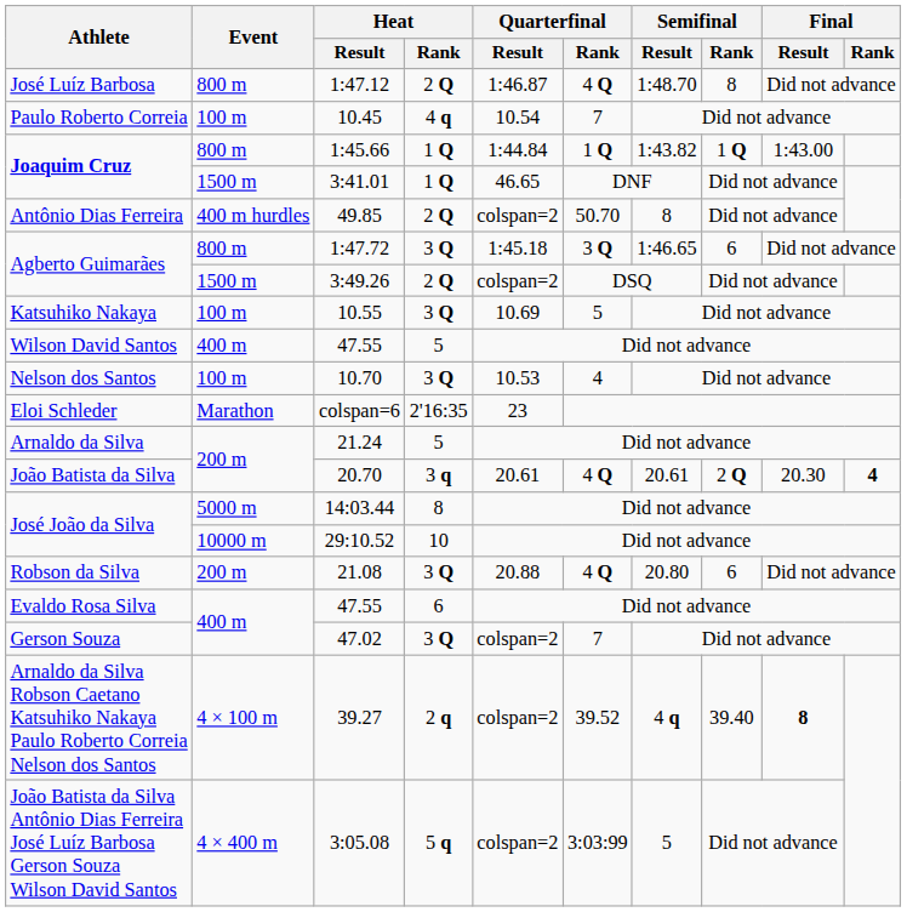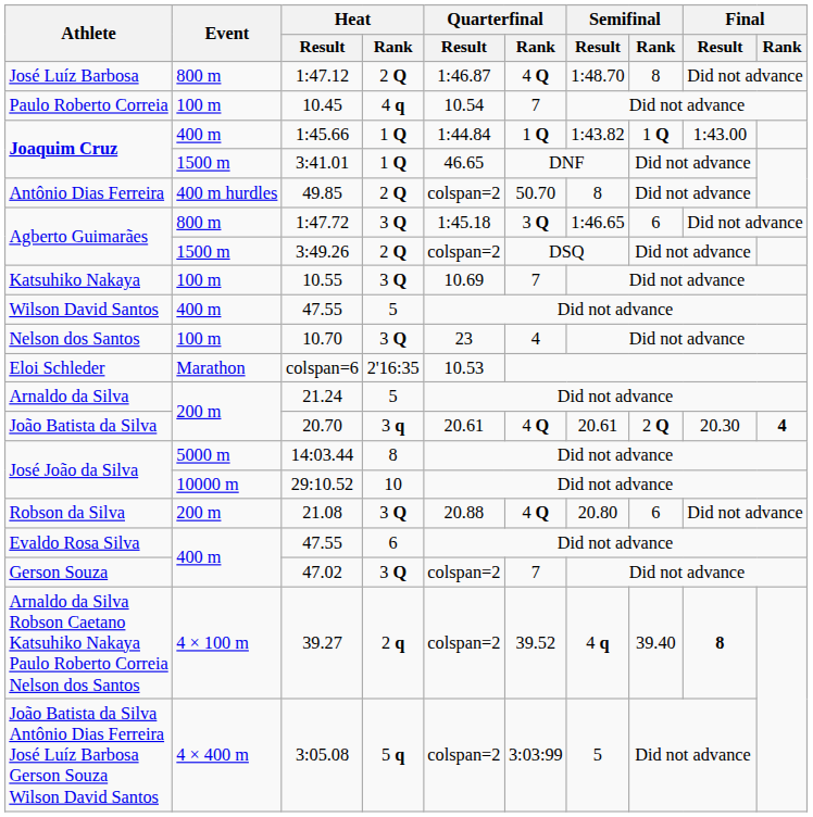 <table class="wikitable" style="font-size:90%">
 <tr>
 <th rowspan="2">Athlete</th>
 <th rowspan="2">Event</th>
 <th colspan="2">Heat</th>
 <th colspan="2">Quarterfinal</th>
 <th colspan="2">Semifinal</th>
 <th colspan="2">Final</th>
 </tr>
 <tr style="font-size:95%">
 <th>Result</th>
 <th>Rank</th>
 <th>Result</th>
 <th>Rank</th>
 <th>Result</th>
 <th>Rank</th>
 <th>Result</th>
 <th>Rank</th>
 </tr>
 <tr align=center>
 <td align=left rowspan="1"><a href='#'>José Luíz Barbosa</a></td>
 <td align=left><a href='#'>800 m</a></td>
 <td>1:47.12</td>
 <td>2 <strong>Q</strong></td>
 <td>1:46.87</td>
 <td>4 <strong>Q</strong></td>
 <td>1:48.70</td>
 <td>8</td>
 <td colspan=2>Did not advance</td>
 </tr>
 <tr align=center>
 <td align=left rowspan="1"><a href='#'>Paulo Roberto Correia</a></td>
 <td align=left><a href='#'>100 m</a></td>
 <td>10.45</td>
 <td>4 <strong>q</strong></td>
 <td>10.54</td>
 <td>7</td>
 <td colspan=4>Did not advance</td>
 </tr>
 <tr align=center>
 <td align=left rowspan="2"><strong><a href='#'>Joaquim Cruz</a></strong></td>
-<td align=left><a href='#'>800 m</a></td>
+<td align=left><a href='#'>400 m</a></td>
 <td>1:45.66</td>
 <td>1 <strong>Q</strong></td>
 <td>1:44.84</td>
 <td>1 <strong>Q</strong></td>
 <td>1:43.82</td>
 <td>1 <strong>Q</strong></td>
 <td>1:43.00</td>
 <td></td>
 </tr>
 <tr align=center>
 <td align=left><a href='#'>1500 m</a></td>
 <td>3:41.01</td>
 <td>1 <strong>Q</strong></td>
 <td>46.65</td>
 <td colspan=2>DNF</td>
 <td colspan=2>Did not advance</td>
 </tr>
 <tr align=center>
 <td align=left rowspan="1"><a href='#'>Antônio Dias Ferreira</a></td>
 <td align=left><a href='#'>400 m hurdles</a></td>
 <td>49.85</td>
 <td>2 <strong>Q</strong></td>
 <td>colspan=2 </td>
 <td>50.70</td>
 <td>8</td>
 <td colspan=2>Did not advance</td>
 </tr>
 <tr align=center>
 <td align=left rowspan="2"><a href='#'>Agberto Guimarães</a></td>
 <td align=left><a href='#'>800 m</a></td>
 <td>1:47.72</td>
 <td>3 <strong>Q</strong></td>
 <td>1:45.18</td>
 <td>3 <strong>Q</strong></td>
 <td>1:46.65</td>
 <td>6</td>
 <td colspan=2>Did not advance</td>
 </tr>
 <tr align=center>
 <td align=left><a href='#'>1500 m</a></td>
 <td>3:49.26</td>
 <td>2 <strong>Q</strong></td>
 <td>colspan=2 </td>
 <td colspan=2>DSQ</td>
 <td colspan=2>Did not advance</td>
 </tr>
 <tr align=center>
 <td align=left rowspan="1"><a href='#'>Katsuhiko Nakaya</a></td>
 <td align=left><a href='#'>100 m</a></td>
 <td>10.55</td>
 <td>3 <strong>Q</strong></td>
 <td>10.69</td>
-<td>5</td>
+<td>7</td>
 <td colspan=4>Did not advance</td>
 </tr>
 <tr align=center>
 <td align=left rowspan="1"><a href='#'>Wilson David Santos</a></td>
 <td align=left><a href='#'>400 m</a></td>
 <td>47.55</td>
 <td>5</td>
 <td colspan=6>Did not advance</td>
 </tr>
 <tr align=center>
 <td align=left rowspan="1"><a href='#'>Nelson dos Santos</a></td>
 <td align=left><a href='#'>100 m</a></td>
 <td>10.70</td>
 <td>3 <strong>Q</strong></td>
-<td>10.53</td>
+<td>23</td>
 <td>4</td>
 <td colspan=4>Did not advance</td>
 </tr>
 <tr align=center>
 <td align=left rowspan="1"><a href='#'>Eloi Schleder</a></td>
 <td align=left><a href='#'>Marathon</a></td>
 <td>colspan=6 </td>
 <td>2'16:35</td>
-<td>23</td>
+<td>10.53</td>
 </tr>
 <tr align=center>
 <td align=left rowspan="1"><a href='#'>Arnaldo da Silva</a></td>
 <td align=left rowspan="2"><a href='#'>200 m</a></td>
 <td>21.24</td>
 <td>5</td>
 <td colspan=6>Did not advance</td>
 </tr>
 <tr align=center>
 <td align=left rowspan="1"><a href='#'>João Batista da Silva</a></td>
 <td>20.70</td>
 <td>3 <strong>q</strong></td>
 <td>20.61</td>
 <td>4 <strong>Q</strong></td>
 <td>20.61</td>
 <td>2 <strong>Q</strong></td>
 <td>20.30</td>
 <td><strong>4</strong></td>
 </tr>
 <tr align=center>
 <td align=left rowspan="2"><a href='#'>José João da Silva</a></td>
 <td align=left><a href='#'>5000 m</a></td>
 <td>14:03.44</td>
 <td>8</td>
 <td colspan=6>Did not advance</td>
 </tr>
 <tr align=center>
 <td align=left><a href='#'>10000 m</a></td>
 <td>29:10.52</td>
 <td>10</td>
 <td colspan=6>Did not advance</td>
 </tr>
 <tr align=center>
 <td align=left rowspan="1"><a href='#'>Robson da Silva</a></td>
 <td align=left><a href='#'>200 m</a></td>
 <td>21.08</td>
 <td>3 <strong>Q</strong></td>
 <td>20.88</td>
 <td>4 <strong>Q</strong></td>
 <td>20.80</td>
 <td>6</td>
 <td colspan=4>Did not advance</td>
 </tr>
 <tr align=center>
 <td align=left rowspan="1"><a href='#'>Evaldo Rosa Silva</a></td>
 <td align=left rowspan="2"><a href='#'>400 m</a></td>
 <td>47.55</td>
 <td>6</td>
 <td colspan=6>Did not advance</td>
 </tr>
 <tr align=center>
 <td align=left rowspan="1"><a href='#'>Gerson Souza</a></td>
 <td>47.02</td>
 <td>3 <strong>Q</strong></td>
 <td>colspan=2 </td>
 <td>7</td>
 <td colspan=6>Did not advance</td>
 </tr>
 <tr align=center>
 <td align=left rowspan="1"><a href='#'>Arnaldo da Silva</a><br><a href='#'>Robson Caetano</a><br><a href='#'>Katsuhiko Nakaya</a><br><a href='#'>Paulo Roberto Correia</a><br><a href='#'>Nelson dos Santos</a></td>
 <td align=left><a href='#'>4 × 100 m</a></td>
 <td>39.27</td>
 <td>2 <strong>q</strong></td>
 <td>colspan=2 </td>
 <td>39.52</td>
 <td>4 <strong>q</strong></td>
 <td>39.40</td>
 <td><strong>8</strong></td>
 </tr>
 <tr align=center>
 <td align=left rowspan="1"><a href='#'>João Batista da Silva</a><br><a href='#'>Antônio Dias Ferreira</a><br><a href='#'>José Luíz Barbosa</a><br><a href='#'>Gerson Souza</a><br><a href='#'>Wilson David Santos</a></td>
 <td align=left><a href='#'>4 × 400 m</a></td>
 <td>3:05.08</td>
 <td>5 <strong>q</strong></td>
 <td>colspan=2 </td>
 <td>3:03:99</td>
 <td>5</td>
 <td colspan=2>Did not advance</td>
 </tr>
 </table>
